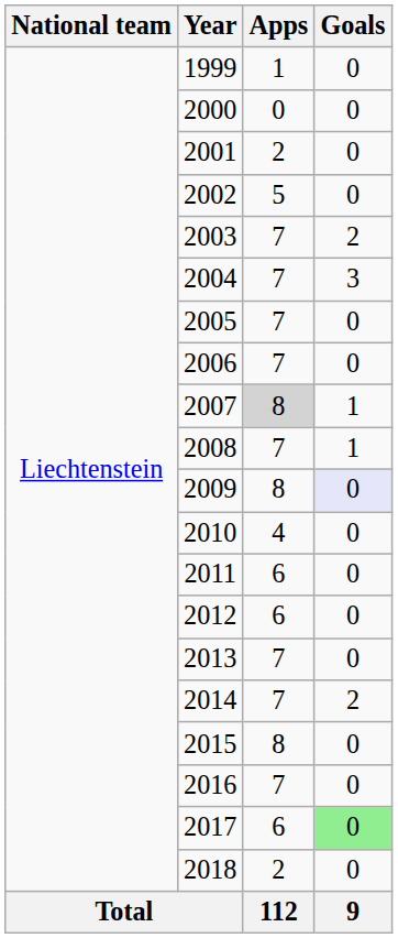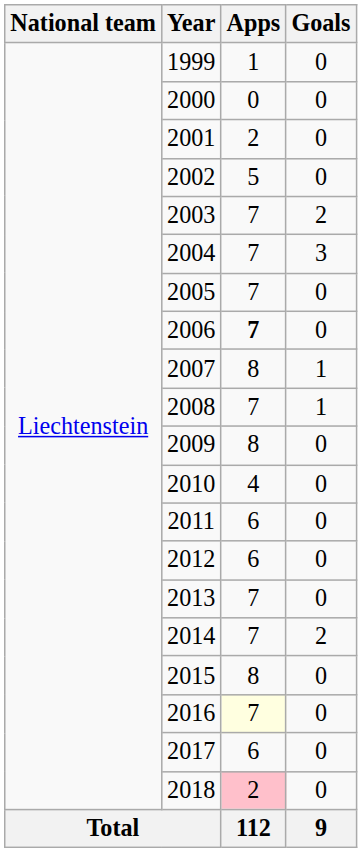 <table class="wikitable" style="text-align:center">
 <tr>
 <th>National team</th>
 <th>Year</th>
 <th>Apps</th>
 <th>Goals</th>
 </tr>
 <tr>
 <td rowspan="20"><a href='#'>Liechtenstein</a></td>
 <td>1999</td>
 <td>1</td>
 <td>0</td>
 </tr>
 <tr>
 <td>2000</td>
 <td>0</td>
 <td>0</td>
 </tr>
 <tr>
 <td>2001</td>
 <td>2</td>
 <td>0</td>
 </tr>
 <tr>
 <td>2002</td>
 <td>5</td>
 <td>0</td>
 </tr>
 <tr>
 <td>2003</td>
 <td>7</td>
 <td>2</td>
 </tr>
 <tr>
 <td>2004</td>
 <td>7</td>
 <td>3</td>
 </tr>
 <tr>
 <td>2005</td>
 <td>7</td>
 <td>0</td>
 </tr>
 <tr>
 <td>2006</td>
-<td>7</td>
+<td><strong>7</strong></td>
 <td>0</td>
 </tr>
 <tr>
 <td>2007</td>
-<td style="background: lightgrey;">8</td>
+<td>8</td>
 <td>1</td>
 </tr>
 <tr>
 <td>2008</td>
 <td>7</td>
 <td>1</td>
 </tr>
 <tr>
 <td>2009</td>
 <td>8</td>
-<td style="background: lavender;">0</td>
+<td>0</td>
 </tr>
 <tr>
 <td>2010</td>
 <td>4</td>
 <td>0</td>
 </tr>
 <tr>
 <td>2011</td>
 <td>6</td>
 <td>0</td>
 </tr>
 <tr>
 <td>2012</td>
 <td>6</td>
 <td>0</td>
 </tr>
 <tr>
 <td>2013</td>
 <td>7</td>
 <td>0</td>
 </tr>
 <tr>
 <td>2014</td>
 <td>7</td>
 <td>2</td>
 </tr>
 <tr>
 <td>2015</td>
 <td>8</td>
 <td>0</td>
 </tr>
 <tr>
 <td>2016</td>
-<td>7</td>
+<td style="background: lightyellow;">7</td>
 <td>0</td>
 </tr>
 <tr>
 <td>2017</td>
 <td>6</td>
-<td style="background: lightgreen;">0</td>
+<td>0</td>
 </tr>
 <tr>
 <td>2018</td>
-<td>2</td>
+<td style="background: pink;">2</td>
 <td>0</td>
 </tr>
 <tr>
 <th colspan="2">Total</th>
 <th>112</th>
 <th>9</th>
 </tr>
 </table>
